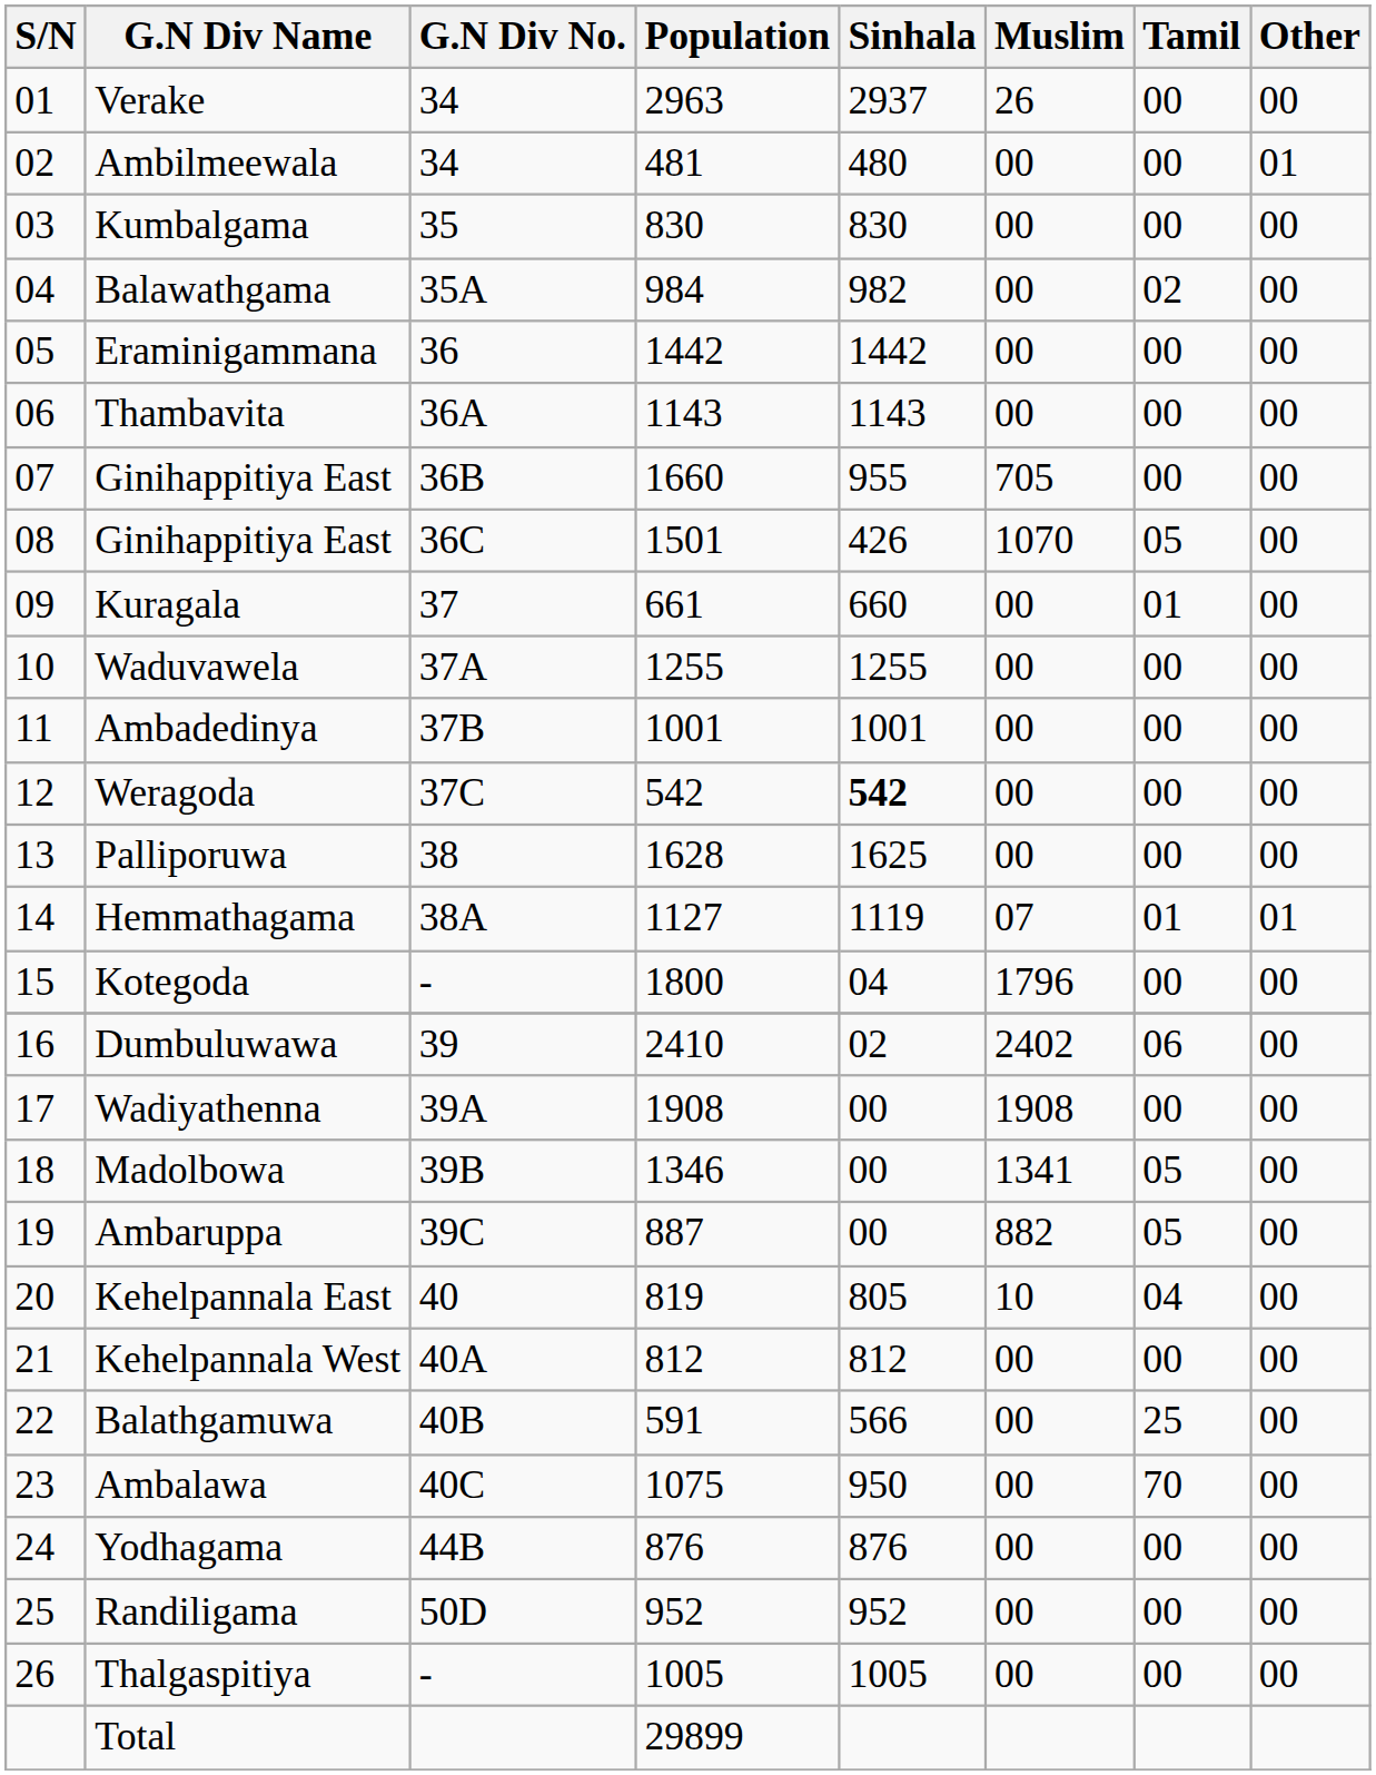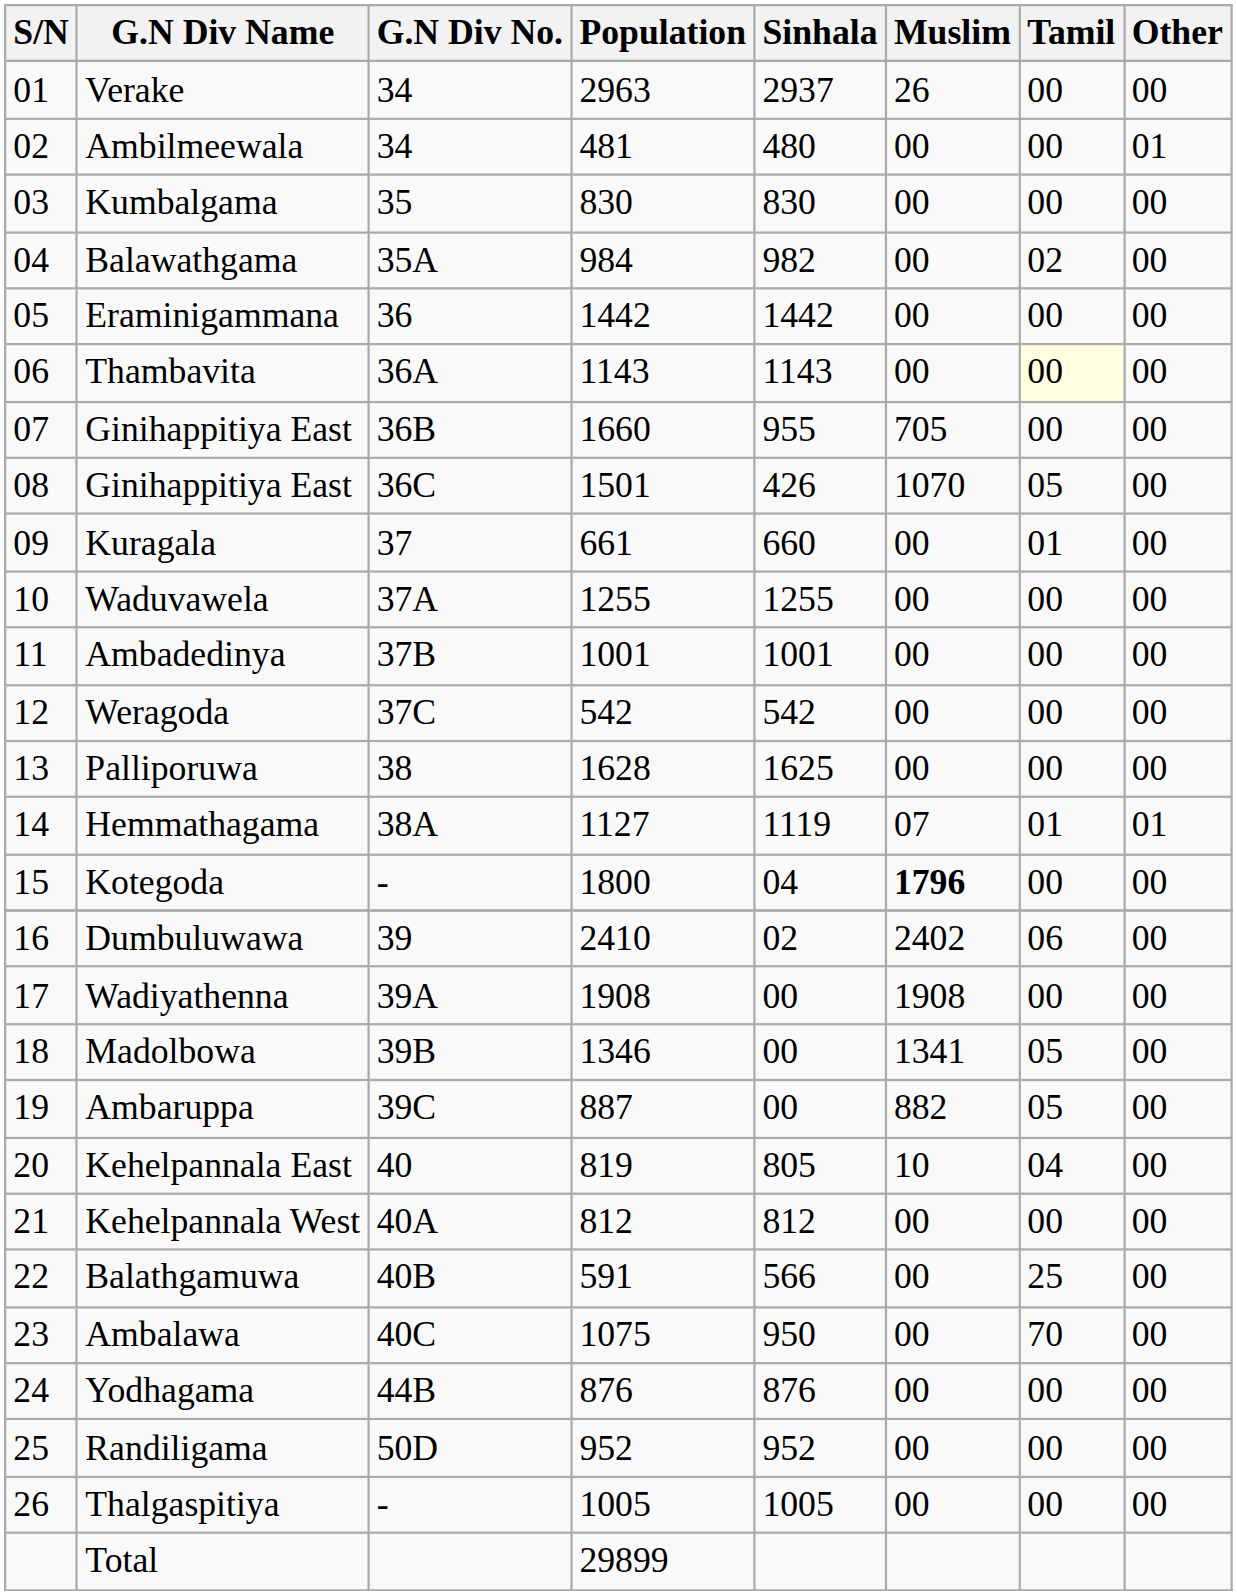 <table class="wikitable">
 <tr>
 <th>S/N</th>
 <th>G.N Div Name</th>
 <th>G.N Div No.</th>
 <th>Population</th>
 <th>Sinhala</th>
 <th>Muslim</th>
 <th>Tamil</th>
 <th>Other</th>
 </tr>
 <tr>
 <td>01</td>
 <td>Verake</td>
 <td>34</td>
 <td>2963</td>
 <td>2937</td>
 <td>26</td>
 <td>00</td>
 <td>00</td>
 </tr>
 <tr>
 <td>02</td>
 <td>Ambilmeewala</td>
 <td>34</td>
 <td>481</td>
 <td>480</td>
 <td>00</td>
 <td>00</td>
 <td>01</td>
 </tr>
 <tr>
 <td>03</td>
 <td>Kumbalgama</td>
 <td>35</td>
 <td>830</td>
 <td>830</td>
 <td>00</td>
 <td>00</td>
 <td>00</td>
 </tr>
 <tr>
 <td>04</td>
 <td>Balawathgama</td>
 <td>35A</td>
 <td>984</td>
 <td>982</td>
 <td>00</td>
 <td>02</td>
 <td>00</td>
 </tr>
 <tr>
 <td>05</td>
 <td>Eraminigammana</td>
 <td>36</td>
 <td>1442</td>
 <td>1442</td>
 <td>00</td>
 <td>00</td>
 <td>00</td>
 </tr>
 <tr>
 <td>06</td>
 <td>Thambavita</td>
 <td>36A</td>
 <td>1143</td>
 <td>1143</td>
 <td>00</td>
-<td>00</td>
+<td style="background: lightyellow;">00</td>
 <td>00</td>
 </tr>
 <tr>
 <td>07</td>
 <td>Ginihappitiya East</td>
 <td>36B</td>
 <td>1660</td>
 <td>955</td>
 <td>705</td>
 <td>00</td>
 <td>00</td>
 </tr>
 <tr>
 <td>08</td>
 <td>Ginihappitiya East</td>
 <td>36C</td>
 <td>1501</td>
 <td>426</td>
 <td>1070</td>
 <td>05</td>
 <td>00</td>
 </tr>
 <tr>
 <td>09</td>
 <td>Kuragala</td>
 <td>37</td>
 <td>661</td>
 <td>660</td>
 <td>00</td>
 <td>01</td>
 <td>00</td>
 </tr>
 <tr>
 <td>10</td>
 <td>Waduvawela</td>
 <td>37A</td>
 <td>1255</td>
 <td>1255</td>
 <td>00</td>
 <td>00</td>
 <td>00</td>
 </tr>
 <tr>
 <td>11</td>
 <td>Ambadedinya</td>
 <td>37B</td>
 <td>1001</td>
 <td>1001</td>
 <td>00</td>
 <td>00</td>
 <td>00</td>
 </tr>
 <tr>
 <td>12</td>
 <td>Weragoda</td>
 <td>37C</td>
 <td>542</td>
-<td><strong>542</strong></td>
+<td>542</td>
 <td>00</td>
 <td>00</td>
 <td>00</td>
 </tr>
 <tr>
 <td>13</td>
 <td>Palliporuwa</td>
 <td>38</td>
 <td>1628</td>
 <td>1625</td>
 <td>00</td>
 <td>00</td>
 <td>00</td>
 </tr>
 <tr>
 <td>14</td>
 <td>Hemmathagama</td>
 <td>38A</td>
 <td>1127</td>
 <td>1119</td>
 <td>07</td>
 <td>01</td>
 <td>01</td>
 </tr>
 <tr>
 <td>15</td>
 <td>Kotegoda</td>
 <td>-</td>
 <td>1800</td>
 <td>04</td>
-<td>1796</td>
+<td><strong>1796</strong></td>
 <td>00</td>
 <td>00</td>
 </tr>
 <tr>
 </tr>
 <tr>
 <td>16</td>
 <td>Dumbuluwawa</td>
 <td>39</td>
 <td>2410</td>
 <td>02</td>
 <td>2402</td>
 <td>06</td>
 <td>00</td>
 </tr>
 <tr>
 <td>17</td>
 <td>Wadiyathenna</td>
 <td>39A</td>
 <td>1908</td>
 <td>00</td>
 <td>1908</td>
 <td>00</td>
 <td>00</td>
 </tr>
 <tr>
 <td>18</td>
 <td>Madolbowa</td>
 <td>39B</td>
 <td>1346</td>
 <td>00</td>
 <td>1341</td>
 <td>05</td>
 <td>00</td>
 </tr>
 <tr>
 <td>19</td>
 <td>Ambaruppa</td>
 <td>39C</td>
 <td>887</td>
 <td>00</td>
 <td>882</td>
 <td>05</td>
 <td>00</td>
 </tr>
 <tr>
 <td>20</td>
 <td>Kehelpannala East</td>
 <td>40</td>
 <td>819</td>
 <td>805</td>
 <td>10</td>
 <td>04</td>
 <td>00</td>
 </tr>
 <tr>
 <td>21</td>
 <td>Kehelpannala West</td>
 <td>40A</td>
 <td>812</td>
 <td>812</td>
 <td>00</td>
 <td>00</td>
 <td>00</td>
 </tr>
 <tr>
 <td>22</td>
 <td>Balathgamuwa</td>
 <td>40B</td>
 <td>591</td>
 <td>566</td>
 <td>00</td>
 <td>25</td>
 <td>00</td>
 </tr>
 <tr>
 <td>23</td>
 <td>Ambalawa</td>
 <td>40C</td>
 <td>1075</td>
 <td>950</td>
 <td>00</td>
 <td>70</td>
 <td>00</td>
 </tr>
 <tr>
 <td>24</td>
 <td>Yodhagama</td>
 <td>44B</td>
 <td>876</td>
 <td>876</td>
 <td>00</td>
 <td>00</td>
 <td>00</td>
 </tr>
 <tr>
 <td>25</td>
 <td>Randiligama</td>
 <td>50D</td>
 <td>952</td>
 <td>952</td>
 <td>00</td>
 <td>00</td>
 <td>00</td>
 </tr>
 <tr>
 <td>26</td>
 <td>Thalgaspitiya</td>
 <td>-</td>
 <td>1005</td>
 <td>1005</td>
 <td>00</td>
 <td>00</td>
 <td>00</td>
 </tr>
 <tr>
 <td></td>
 <td>Total</td>
 <td></td>
 <td>29899</td>
 <td></td>
 <td></td>
 <td></td>
 <td></td>
 </tr>
 <tr>
 </tr>
 </table>
